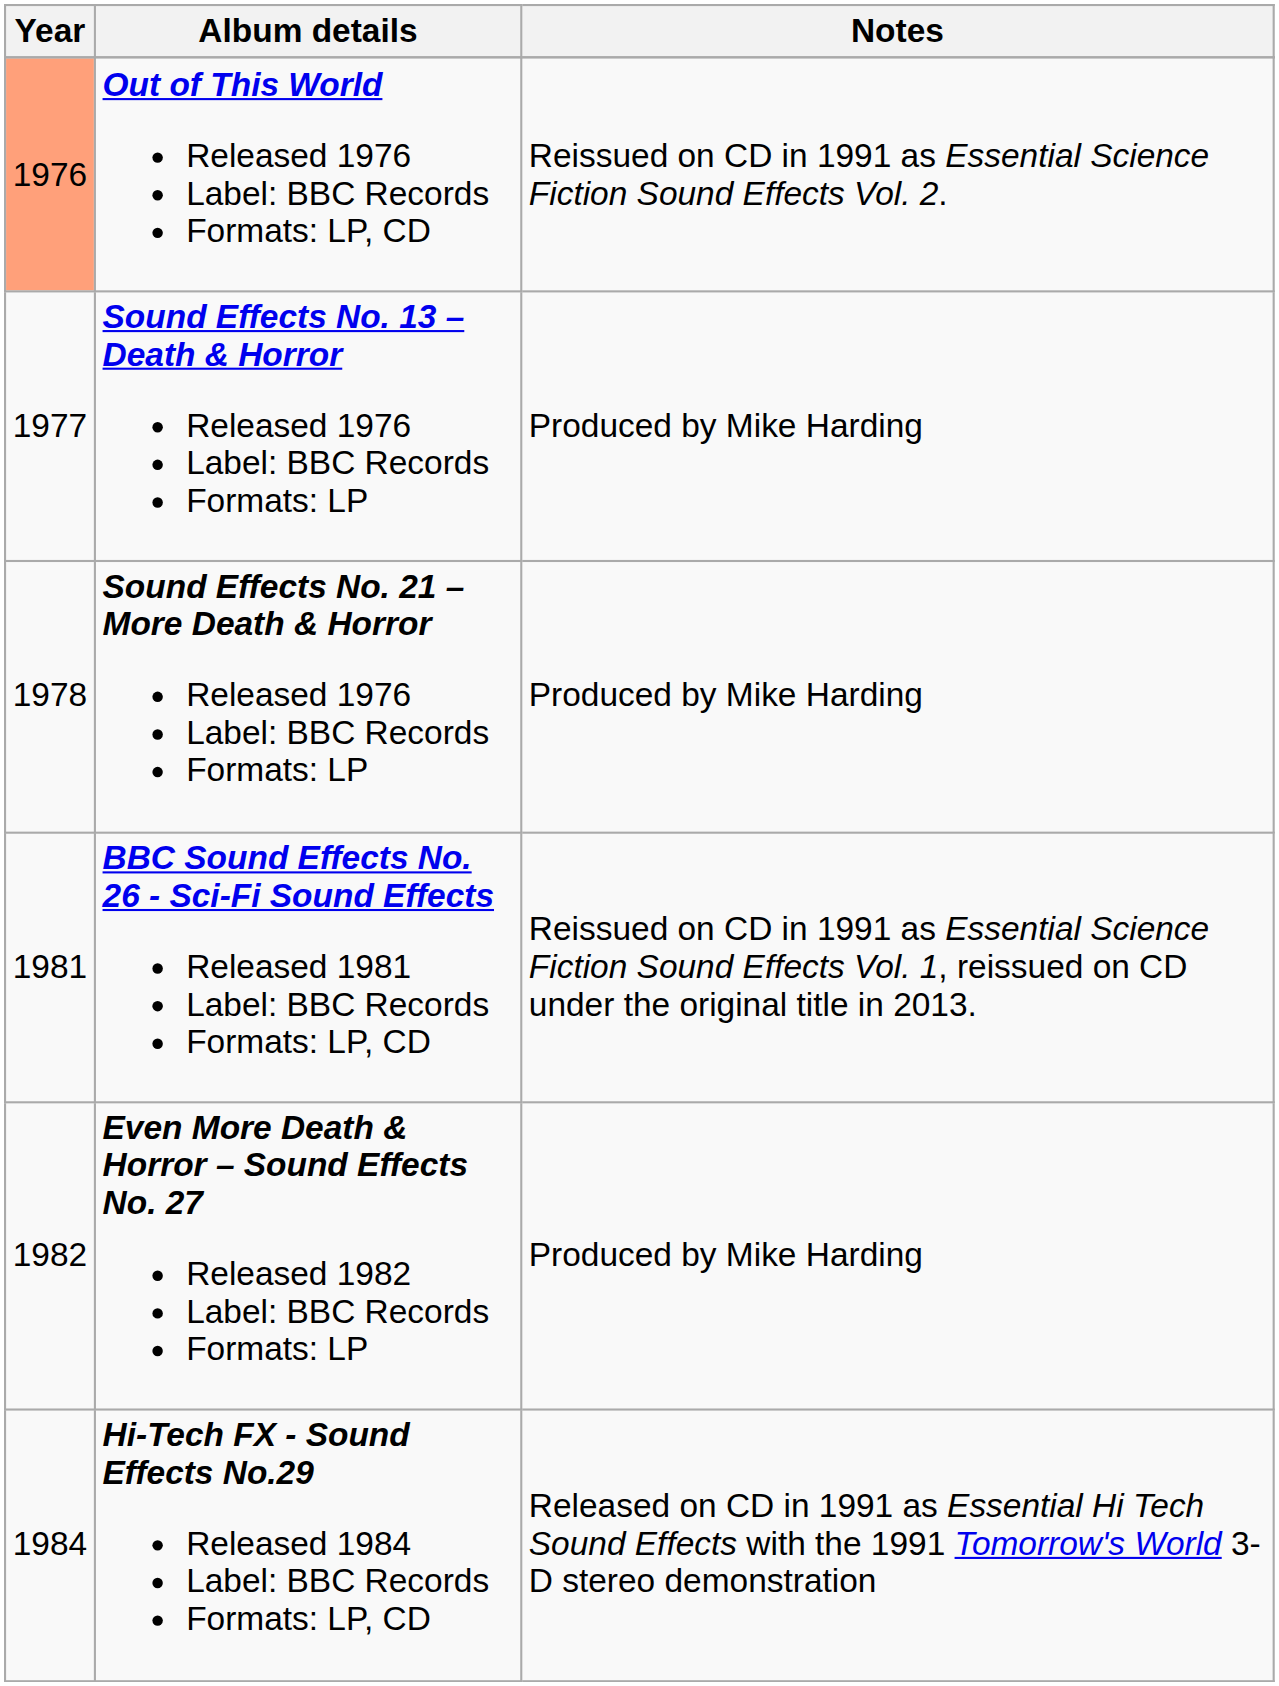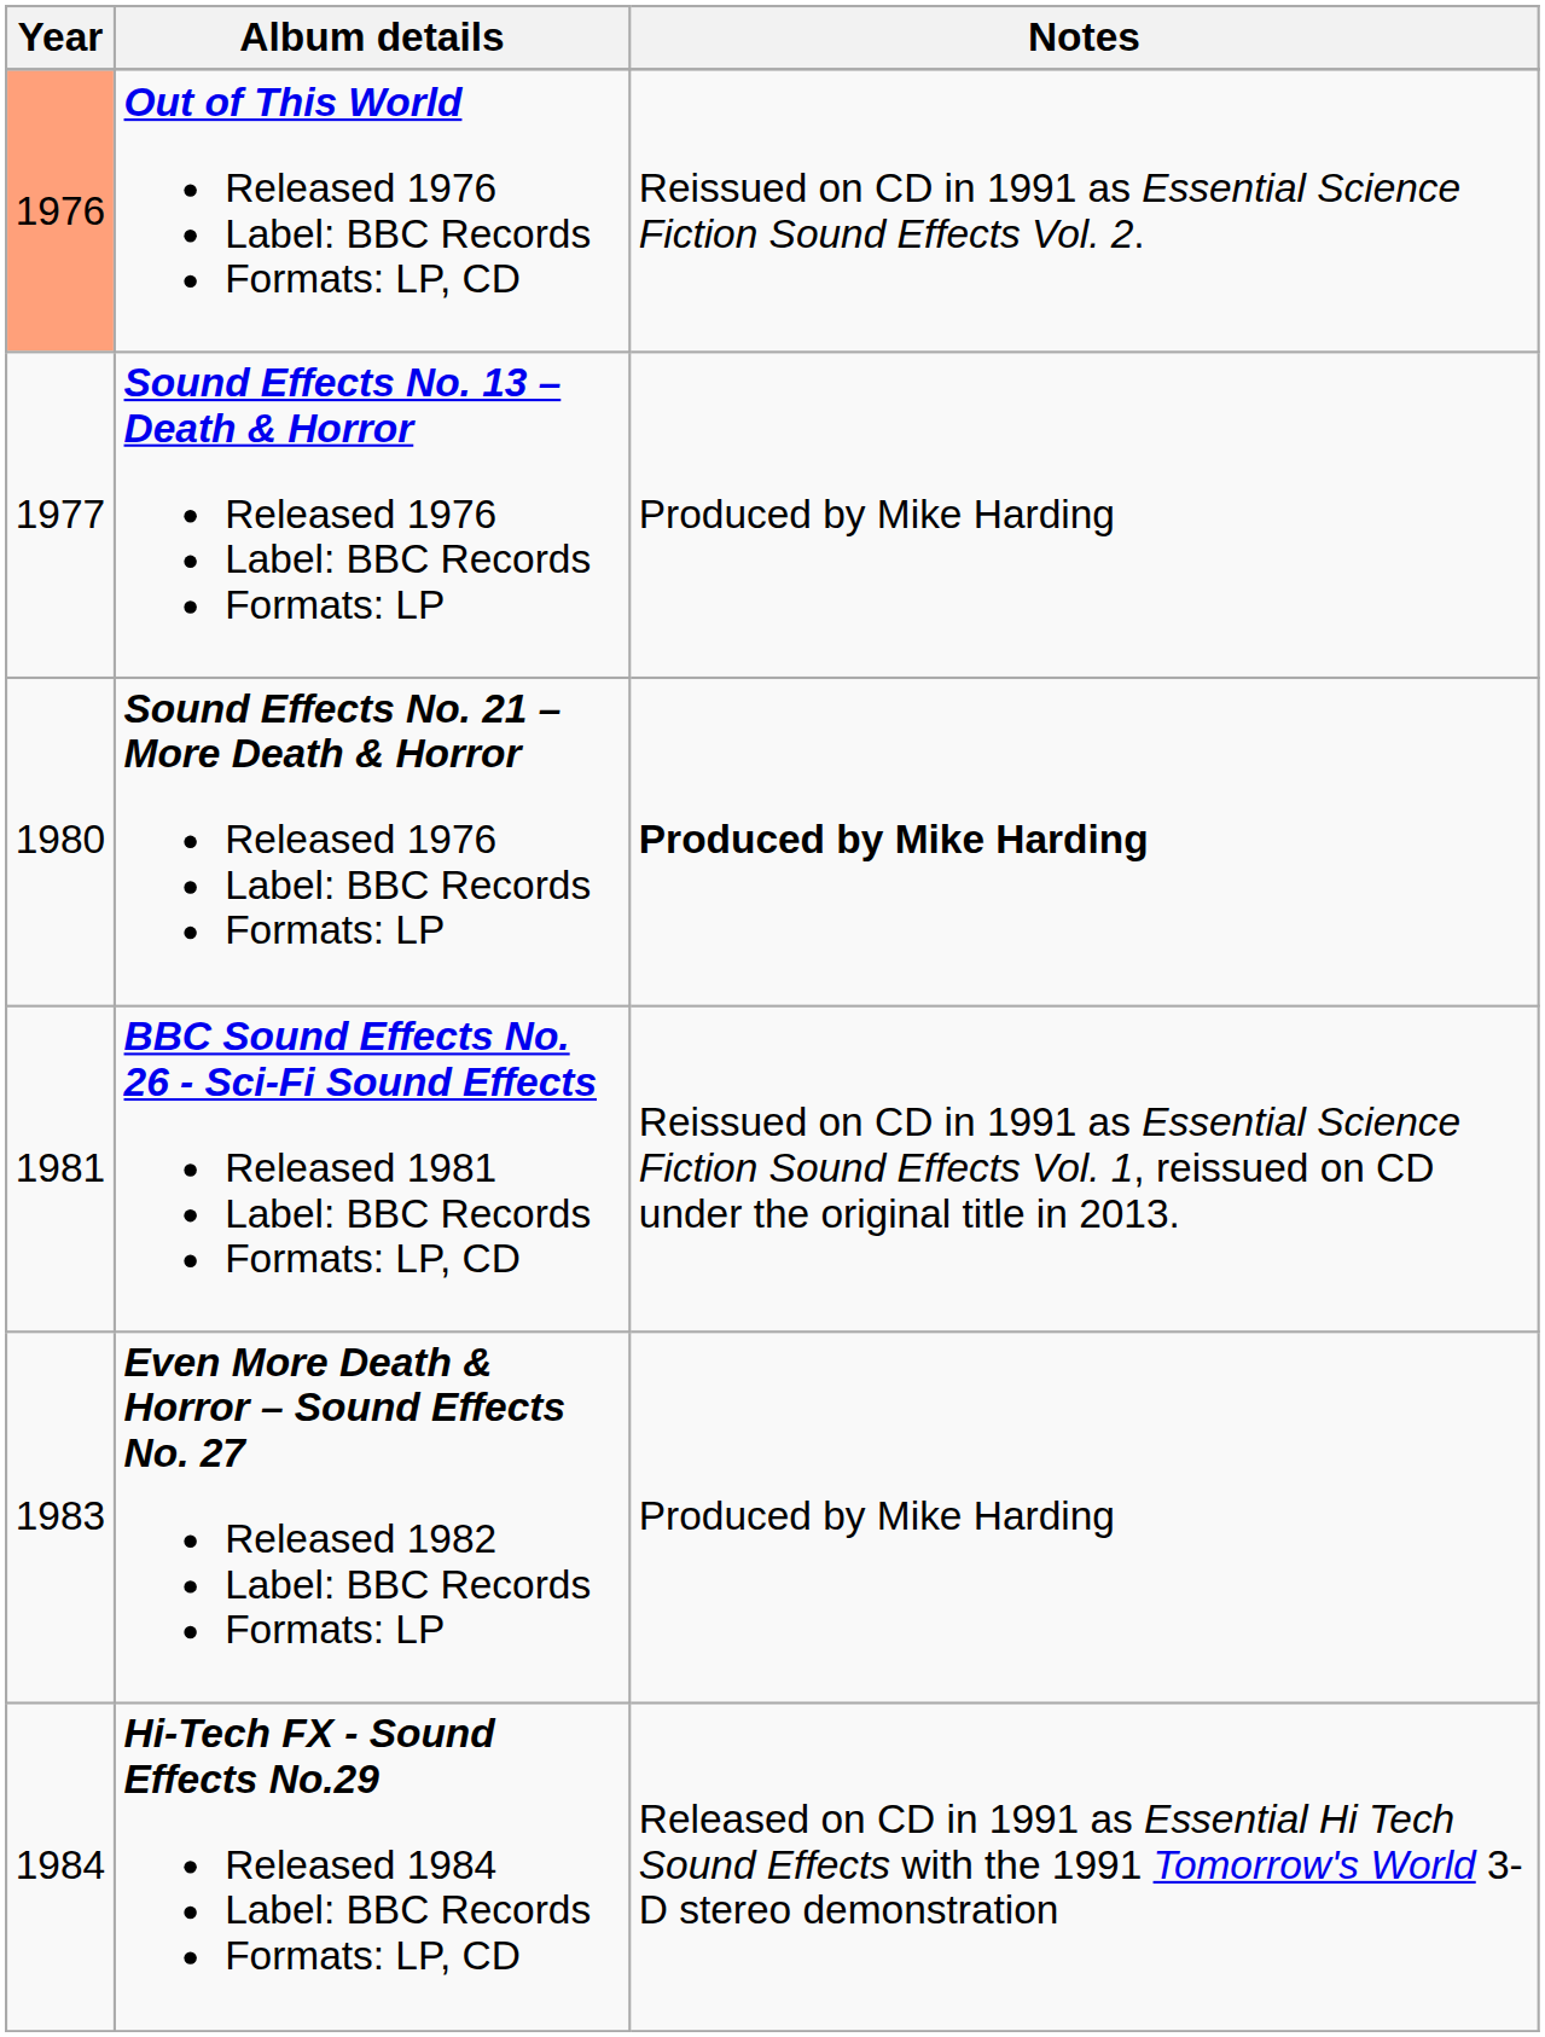 <table class="wikitable">
 <tr>
 <th>Year</th>
 <th>Album details</th>
 <th>Notes</th>
 </tr>
 <tr>
 </tr>
 <tr>
 <td style="background: lightsalmon;">1976</td>
 <td><strong><em><a href='#'>Out of This World</a></em></strong><br><ul><li>Released 1976</li><li>Label: BBC Records </li><li>Formats: LP, CD</li></ul></td>
 <td>Reissued on CD in 1991 as <em>Essential Science Fiction Sound Effects Vol. 2</em>.</td>
 </tr>
 <tr>
 <td>1977</td>
 <td><strong><em><a href='#'>Sound Effects No. 13 – Death & Horror</a></em></strong><br><ul><li>Released 1976</li><li>Label: BBC Records </li><li>Formats: LP</li></ul></td>
 <td>Produced by Mike Harding</td>
 </tr>
 <tr>
-<td>1978</td>
+<td>1980</td>
 <td><strong><em>Sound Effects No. 21 – More Death & Horror</em></strong><br><ul><li>Released 1976</li><li>Label: BBC Records </li><li>Formats: LP</li></ul></td>
-<td>Produced by Mike Harding</td>
+<td><strong>Produced by Mike Harding</strong></td>
 </tr>
 <tr>
 <td>1981</td>
 <td><strong><em><a href='#'>BBC Sound Effects No. 26 - Sci-Fi Sound Effects</a></em></strong><br><ul><li>Released 1981</li><li>Label: BBC Records </li><li>Formats: LP, CD</li></ul></td>
 <td>Reissued on CD in 1991 as <em>Essential Science Fiction Sound Effects Vol. 1</em>, reissued on CD under the original title in 2013.</td>
 </tr>
 <tr>
-<td>1982</td>
+<td>1983</td>
 <td><strong><em>Even More Death & Horror – Sound Effects No. 27</em></strong><br><ul><li>Released 1982</li><li>Label: BBC Records </li><li>Formats: LP</li></ul></td>
 <td>Produced by Mike Harding</td>
 </tr>
 <tr>
 <td>1984</td>
 <td><strong><em>Hi-Tech FX  - Sound Effects No.29</em></strong><br><ul><li>Released 1984</li><li>Label: BBC Records </li><li>Formats: LP, CD</li></ul></td>
 <td>Released on CD in 1991 as <em>Essential Hi Tech Sound Effects</em> with the 1991 <em><a href='#'>Tomorrow's World</a></em> 3-D stereo demonstration</td>
 </tr>
 </table>
